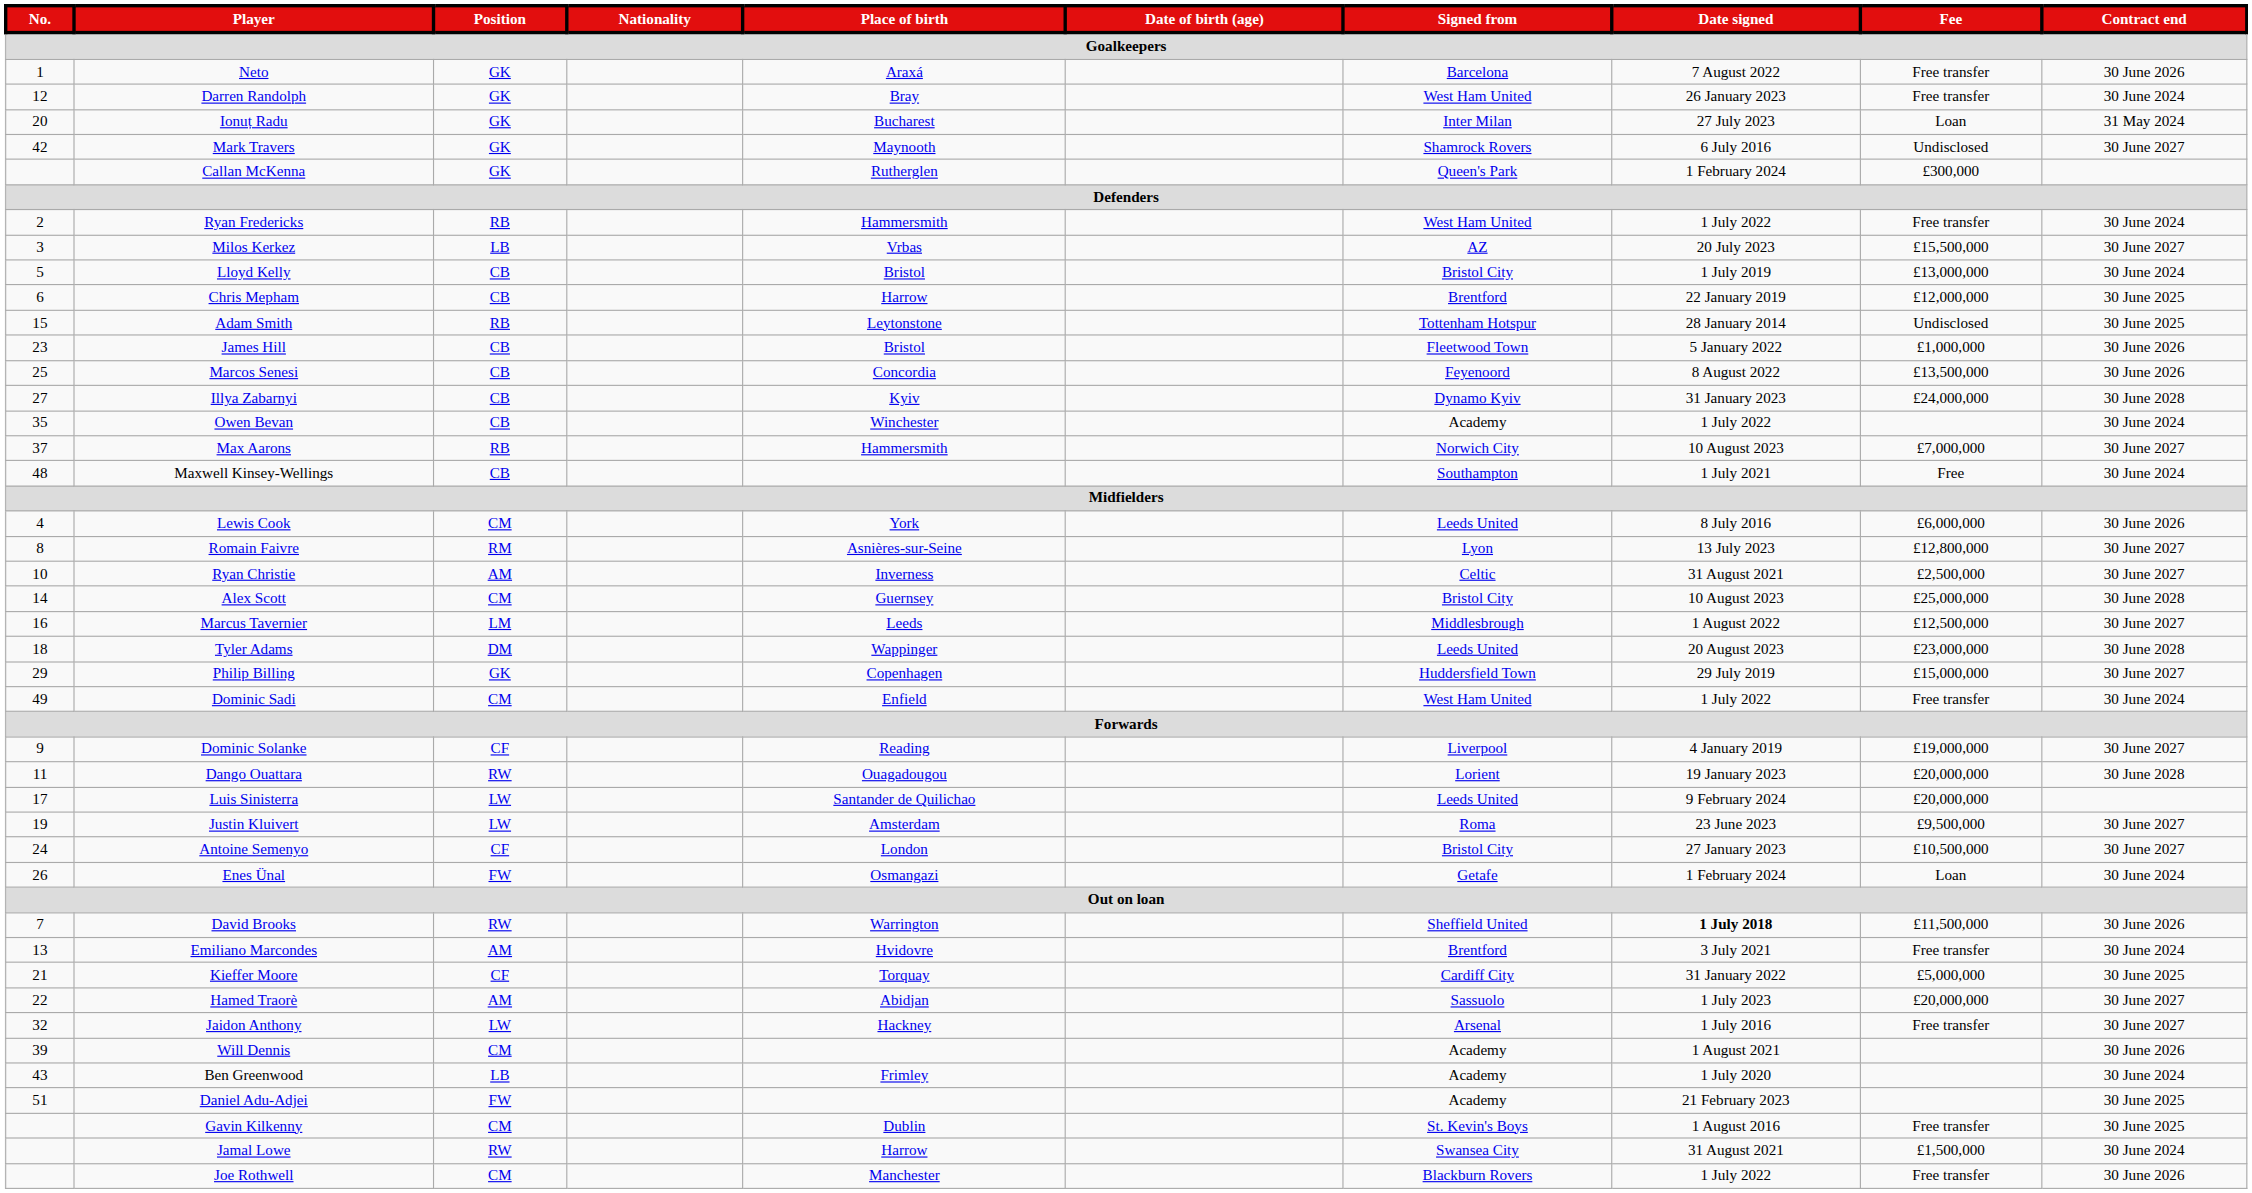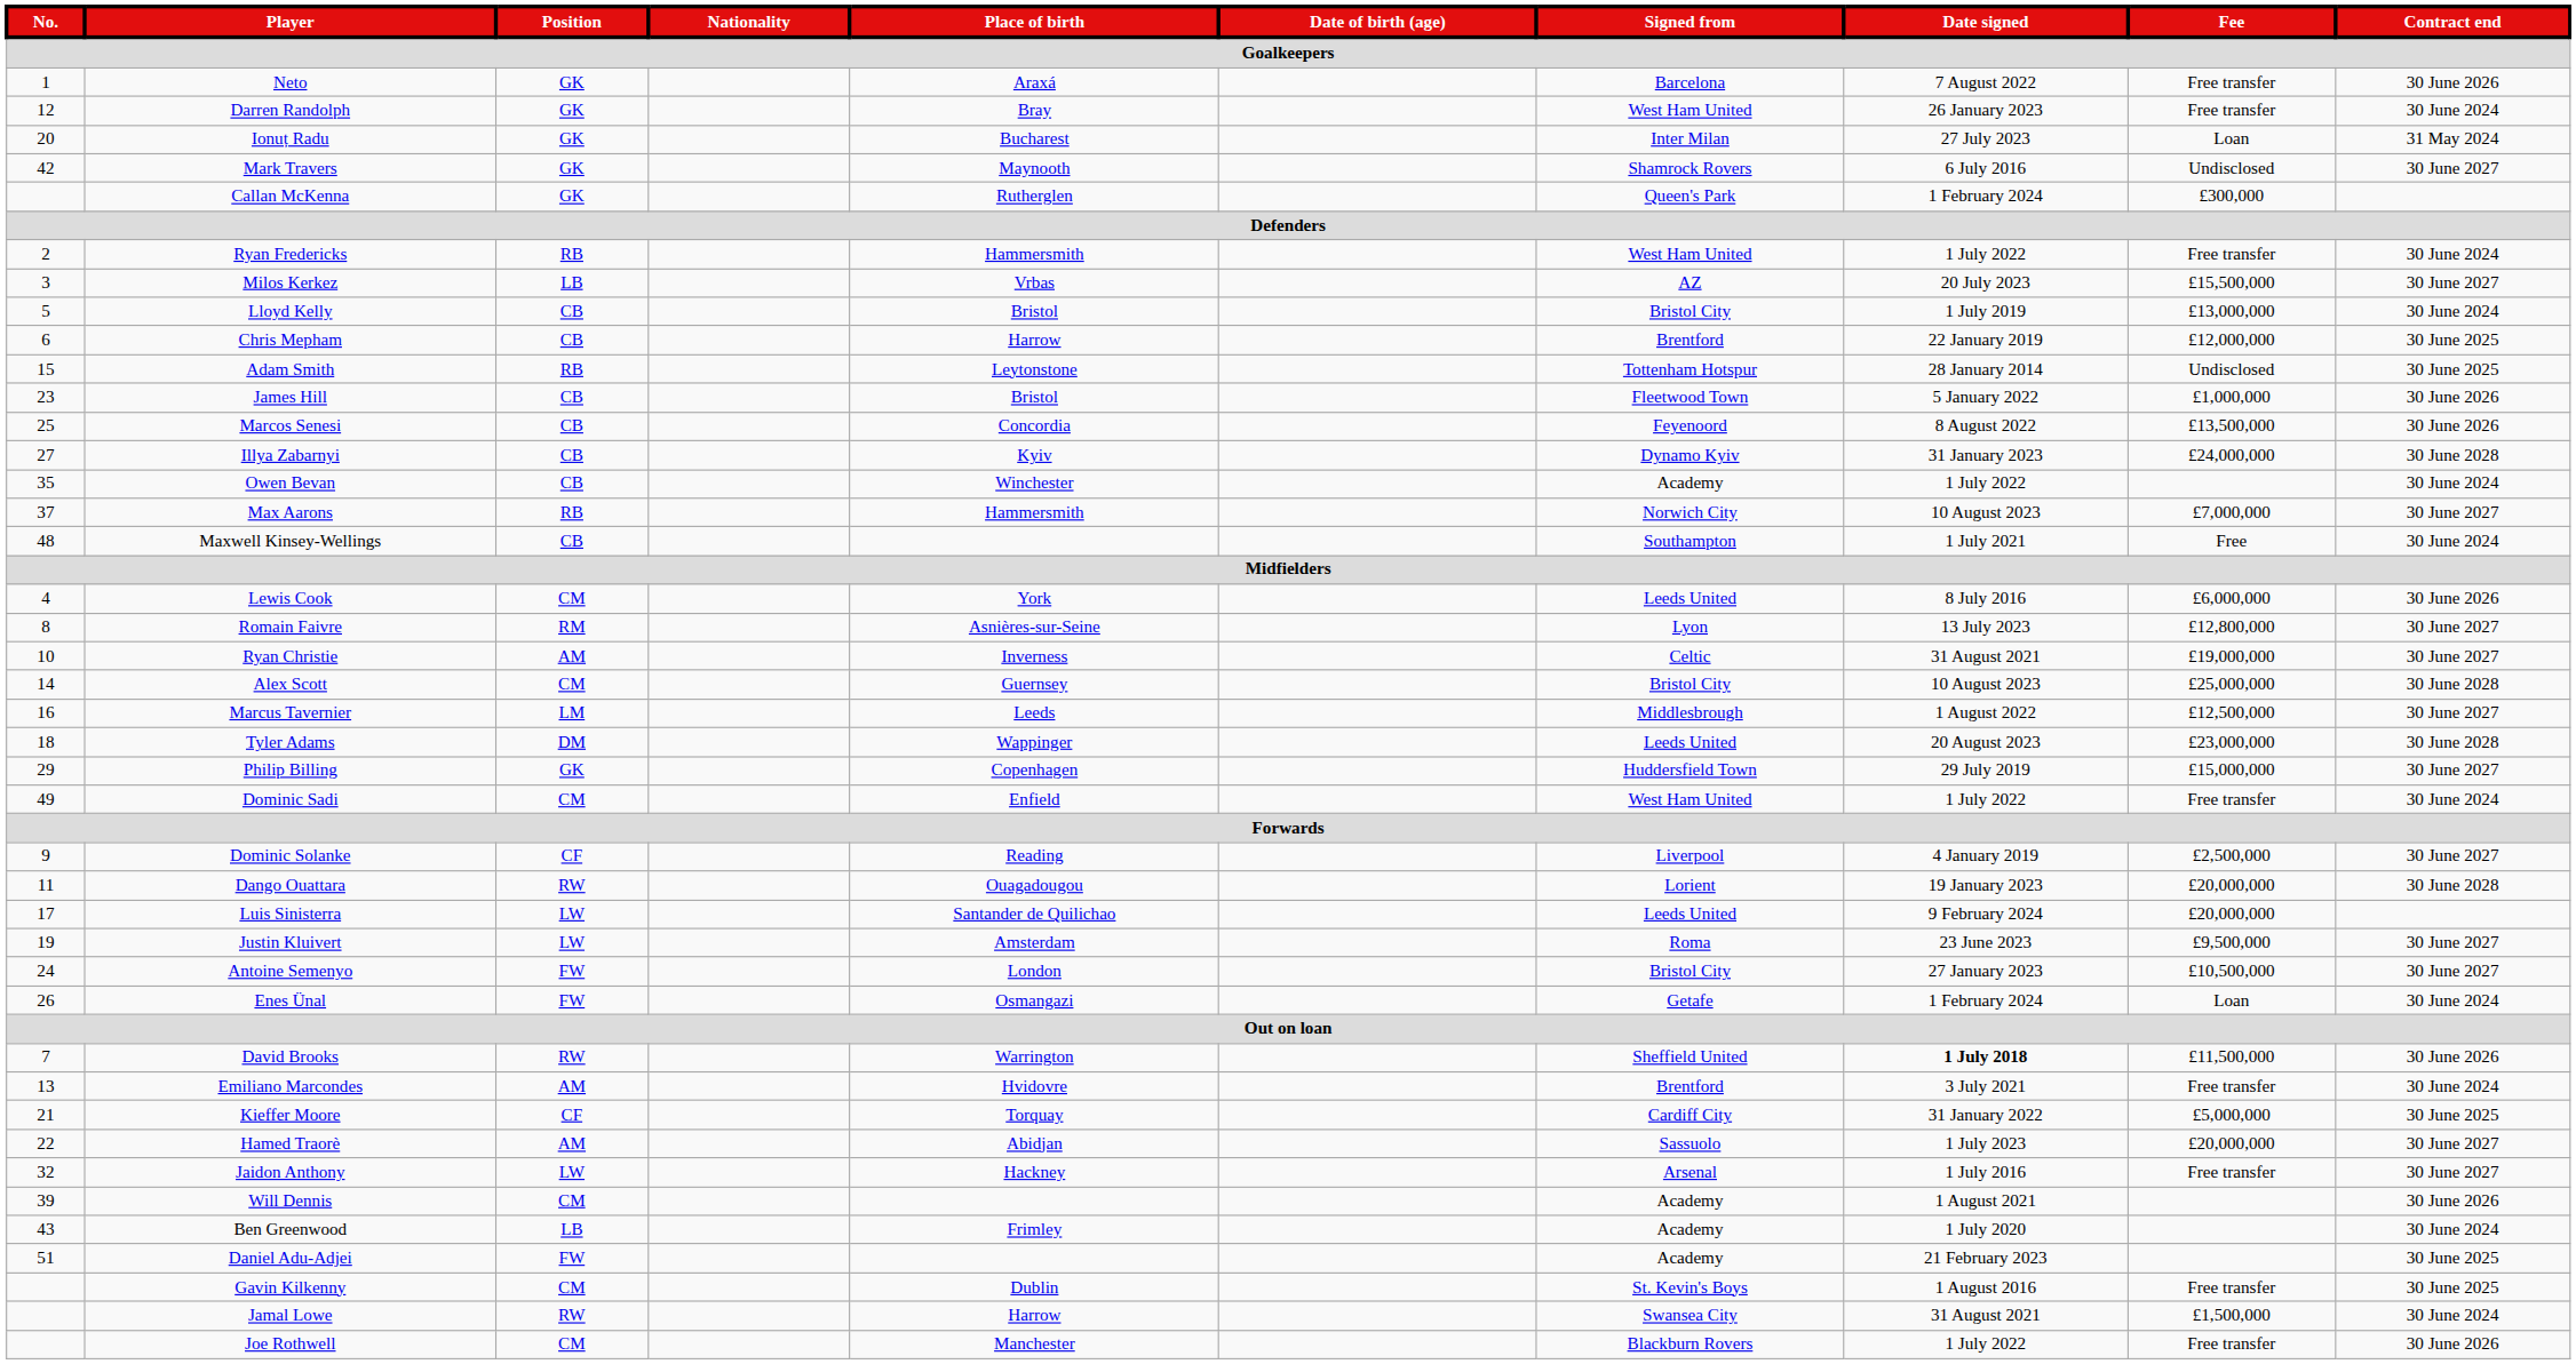 <table class="wikitable" style="text-align:center; font-size:84.5%; width:101%;">
 <tr>
 <th style="background:#e20e0e;color:#ffffff;border:3px solid #000000; text-align:center;">No.</th>
 <th style="background:#e20e0e;color:#ffffff;border:3px solid #000000; text-align:center;">Player</th>
 <th style="background:#e20e0e;color:#ffffff;border:3px solid #000000; text-align:center;">Position</th>
 <th style="background:#e20e0e;color:#ffffff;border:3px solid #000000; text-align:center;">Nationality</th>
 <th style="background:#e20e0e;color:#ffffff;border:3px solid #000000; text-align:center;">Place of birth</th>
 <th style="background:#e20e0e;color:#ffffff;border:3px solid #000000; text-align:center;">Date of birth (age)</th>
 <th style="background:#e20e0e;color:#ffffff;border:3px solid #000000; text-align:center;">Signed from</th>
 <th style="background:#e20e0e;color:#ffffff;border:3px solid #000000; text-align:center;">Date signed</th>
 <th style="background:#e20e0e;color:#ffffff;border:3px solid #000000; text-align:center;">Fee</th>
 <th style="background:#e20e0e;color:#ffffff;border:3px solid #000000; text-align:center;">Contract end</th>
 </tr>
 <tr>
 <th colspan="14" style="background:#dcdcdc; tepxt-align:center;">Goalkeepers</th>
 </tr>
 <tr>
 <td>1</td>
 <td><a href='#'>Neto</a></td>
 <td><a href='#'>GK</a></td>
 <td></td>
 <td><a href='#'>Araxá</a></td>
 <td></td>
 <td> <a href='#'>Barcelona</a></td>
 <td>7 August 2022</td>
 <td>Free transfer</td>
 <td>30 June 2026</td>
 </tr>
 <tr>
 <td>12</td>
 <td><a href='#'>Darren Randolph</a></td>
 <td><a href='#'>GK</a></td>
 <td></td>
 <td><a href='#'>Bray</a></td>
 <td></td>
 <td><a href='#'>West Ham United</a></td>
 <td>26 January 2023</td>
 <td>Free transfer</td>
 <td>30 June 2024</td>
 </tr>
 <tr>
 <td>20</td>
 <td><a href='#'>Ionuț Radu</a></td>
 <td><a href='#'>GK</a></td>
 <td></td>
 <td><a href='#'>Bucharest</a></td>
 <td></td>
 <td> <a href='#'>Inter Milan</a></td>
 <td>27 July 2023</td>
 <td>Loan</td>
 <td>31 May 2024</td>
 </tr>
 <tr>
 <td>42</td>
 <td><a href='#'>Mark Travers</a></td>
 <td><a href='#'>GK</a></td>
 <td></td>
 <td><a href='#'>Maynooth</a></td>
 <td></td>
 <td> <a href='#'>Shamrock Rovers</a></td>
 <td>6 July 2016</td>
 <td>Undisclosed</td>
 <td>30 June 2027</td>
 </tr>
 <tr>
 <td></td>
 <td><a href='#'>Callan McKenna</a></td>
 <td><a href='#'>GK</a></td>
 <td></td>
 <td><a href='#'>Rutherglen</a></td>
 <td></td>
 <td> <a href='#'>Queen's Park</a></td>
 <td>1 February 2024</td>
 <td>£300,000</td>
 <td></td>
 </tr>
 <tr>
 <th colspan="15"style="background:#dcdcdc; tepxt-align:center;">Defenders</th>
 </tr>
 <tr>
 <td>2</td>
 <td><a href='#'>Ryan Fredericks</a></td>
 <td><a href='#'>RB</a></td>
 <td></td>
 <td><a href='#'>Hammersmith</a></td>
 <td></td>
 <td><a href='#'>West Ham United</a></td>
 <td>1 July 2022</td>
 <td>Free transfer</td>
 <td>30 June 2024</td>
 </tr>
 <tr>
 <td>3</td>
 <td><a href='#'>Milos Kerkez</a></td>
 <td><a href='#'>LB</a></td>
 <td></td>
 <td> <a href='#'>Vrbas</a></td>
 <td></td>
 <td> <a href='#'>AZ</a></td>
 <td>20 July 2023</td>
 <td>£15,500,000</td>
 <td>30 June 2027</td>
 </tr>
 <tr>
 <td>5</td>
 <td><a href='#'>Lloyd Kelly</a></td>
 <td><a href='#'>CB</a></td>
 <td></td>
 <td><a href='#'>Bristol</a></td>
 <td></td>
 <td><a href='#'>Bristol City</a></td>
 <td>1 July 2019</td>
 <td>£13,000,000</td>
 <td>30 June 2024</td>
 </tr>
 <tr>
 <td>6</td>
 <td><a href='#'>Chris Mepham</a></td>
 <td><a href='#'>CB</a></td>
 <td></td>
 <td> <a href='#'>Harrow</a></td>
 <td></td>
 <td><a href='#'>Brentford</a></td>
 <td>22 January 2019</td>
 <td>£12,000,000</td>
 <td>30 June 2025</td>
 </tr>
 <tr>
 <td>15</td>
 <td><a href='#'>Adam Smith</a></td>
 <td><a href='#'>RB</a></td>
 <td></td>
 <td><a href='#'>Leytonstone</a></td>
 <td></td>
 <td><a href='#'>Tottenham Hotspur</a></td>
 <td>28 January 2014</td>
 <td>Undisclosed</td>
 <td>30 June 2025</td>
 </tr>
 <tr>
 <td>23</td>
 <td><a href='#'>James Hill</a></td>
 <td><a href='#'>CB</a></td>
 <td></td>
 <td><a href='#'>Bristol</a></td>
 <td></td>
 <td><a href='#'>Fleetwood Town</a></td>
 <td>5 January 2022</td>
 <td>£1,000,000</td>
 <td>30 June 2026</td>
 </tr>
 <tr>
 <td>25</td>
 <td><a href='#'>Marcos Senesi</a></td>
 <td><a href='#'>CB</a></td>
 <td></td>
 <td><a href='#'>Concordia</a></td>
 <td></td>
 <td> <a href='#'>Feyenoord</a></td>
 <td>8 August 2022</td>
 <td>£13,500,000</td>
 <td>30 June 2026</td>
 </tr>
 <tr>
 <td>27</td>
 <td><a href='#'>Illya Zabarnyi</a></td>
 <td><a href='#'>CB</a></td>
 <td></td>
 <td><a href='#'>Kyiv</a></td>
 <td></td>
 <td> <a href='#'>Dynamo Kyiv</a></td>
 <td>31 January 2023</td>
 <td>£24,000,000</td>
 <td>30 June 2028</td>
 </tr>
 <tr>
 <td>35</td>
 <td><a href='#'>Owen Bevan</a></td>
 <td><a href='#'>CB</a></td>
 <td></td>
 <td> <a href='#'>Winchester</a></td>
 <td></td>
 <td>Academy</td>
 <td>1 July 2022</td>
 <td></td>
 <td>30 June 2024</td>
 </tr>
 <tr>
 <td>37</td>
 <td><a href='#'>Max Aarons</a></td>
 <td><a href='#'>RB</a></td>
 <td></td>
 <td><a href='#'>Hammersmith</a></td>
 <td></td>
 <td><a href='#'>Norwich City</a></td>
 <td>10 August 2023</td>
 <td>£7,000,000</td>
 <td>30 June 2027</td>
 </tr>
 <tr>
 <td>48</td>
 <td>Maxwell Kinsey-Wellings</td>
 <td><a href='#'>CB</a></td>
 <td></td>
 <td></td>
 <td></td>
 <td><a href='#'>Southampton</a></td>
 <td>1 July 2021</td>
 <td>Free</td>
 <td>30 June 2024</td>
 </tr>
 <tr>
 <th colspan="14" style="background:#dcdcdc; tepxt-align:center;">Midfielders</th>
 </tr>
 <tr>
 <td>4</td>
 <td><a href='#'>Lewis Cook</a></td>
 <td><a href='#'>CM</a></td>
 <td></td>
 <td><a href='#'>York</a></td>
 <td></td>
 <td><a href='#'>Leeds United</a></td>
 <td>8 July 2016</td>
 <td>£6,000,000</td>
 <td>30 June 2026</td>
 </tr>
 <tr>
 <td>8</td>
 <td><a href='#'>Romain Faivre</a></td>
 <td><a href='#'>RM</a></td>
 <td></td>
 <td><a href='#'>Asnières-sur-Seine</a></td>
 <td></td>
 <td> <a href='#'>Lyon</a></td>
 <td>13 July 2023</td>
 <td>£12,800,000</td>
 <td>30 June 2027</td>
 </tr>
 <tr>
 <td>10</td>
 <td><a href='#'>Ryan Christie</a></td>
 <td><a href='#'>AM</a></td>
 <td></td>
 <td><a href='#'>Inverness</a></td>
 <td></td>
 <td> <a href='#'>Celtic</a></td>
 <td>31 August 2021</td>
-<td>£2,500,000</td>
+<td>£19,000,000</td>
 <td>30 June 2027</td>
 </tr>
 <tr>
 <td>14</td>
 <td><a href='#'>Alex Scott</a></td>
 <td><a href='#'>CM</a></td>
 <td></td>
 <td> <a href='#'>Guernsey</a></td>
 <td></td>
 <td><a href='#'>Bristol City</a></td>
 <td>10 August 2023</td>
 <td>£25,000,000</td>
 <td>30 June 2028</td>
 </tr>
 <tr>
 <td>16</td>
 <td><a href='#'>Marcus Tavernier</a></td>
 <td><a href='#'>LM</a></td>
 <td></td>
 <td><a href='#'>Leeds</a></td>
 <td></td>
 <td><a href='#'>Middlesbrough</a></td>
 <td>1 August 2022</td>
 <td>£12,500,000</td>
 <td>30 June 2027</td>
 </tr>
 <tr>
 <td>18</td>
 <td><a href='#'>Tyler Adams</a></td>
 <td><a href='#'>DM</a></td>
 <td></td>
 <td><a href='#'>Wappinger</a></td>
 <td></td>
 <td><a href='#'>Leeds United</a></td>
 <td>20 August 2023</td>
 <td>£23,000,000</td>
 <td>30 June 2028</td>
 </tr>
 <tr>
 <td>29</td>
 <td><a href='#'>Philip Billing</a></td>
 <td><a href='#'>GK</a></td>
 <td></td>
 <td><a href='#'>Copenhagen</a></td>
 <td></td>
 <td><a href='#'>Huddersfield Town</a></td>
 <td>29 July 2019</td>
 <td>£15,000,000</td>
 <td>30 June 2027</td>
 </tr>
 <tr>
 <td>49</td>
 <td><a href='#'>Dominic Sadi</a></td>
 <td><a href='#'>CM</a></td>
 <td></td>
 <td><a href='#'>Enfield</a></td>
 <td></td>
 <td><a href='#'>West Ham United</a></td>
 <td>1 July 2022</td>
 <td>Free transfer</td>
 <td>30 June 2024</td>
 </tr>
 <tr>
 <th colspan="14" style="background:#dcdcdc; tepxt-align:center;">Forwards</th>
 </tr>
 <tr>
 <td>9</td>
 <td><a href='#'>Dominic Solanke</a></td>
 <td><a href='#'>CF</a></td>
 <td></td>
 <td><a href='#'>Reading</a></td>
 <td></td>
 <td><a href='#'>Liverpool</a></td>
 <td>4 January 2019</td>
-<td>£19,000,000</td>
+<td>£2,500,000</td>
 <td>30 June 2027</td>
 </tr>
 <tr>
 <td>11</td>
 <td><a href='#'>Dango Ouattara</a></td>
 <td><a href='#'>RW</a></td>
 <td></td>
 <td><a href='#'>Ouagadougou</a></td>
 <td></td>
 <td> <a href='#'>Lorient</a></td>
 <td>19 January 2023</td>
 <td>£20,000,000</td>
 <td>30 June 2028</td>
 </tr>
 <tr>
 <td>17</td>
 <td><a href='#'>Luis Sinisterra</a></td>
 <td><a href='#'>LW</a></td>
 <td></td>
 <td><a href='#'>Santander de Quilichao</a></td>
 <td></td>
 <td><a href='#'>Leeds United</a></td>
 <td>9 February 2024</td>
 <td>£20,000,000</td>
 <td></td>
 </tr>
 <tr>
 <td>19</td>
 <td><a href='#'>Justin Kluivert</a></td>
 <td><a href='#'>LW</a></td>
 <td></td>
 <td><a href='#'>Amsterdam</a></td>
 <td></td>
 <td> <a href='#'>Roma</a></td>
 <td>23 June 2023</td>
 <td>£9,500,000</td>
 <td>30 June 2027</td>
 </tr>
 <tr>
 <td>24</td>
 <td><a href='#'>Antoine Semenyo</a></td>
-<td><a href='#'>CF</a></td>
+<td><a href='#'>FW</a></td>
 <td></td>
 <td> <a href='#'>London</a></td>
 <td></td>
 <td><a href='#'>Bristol City</a></td>
 <td>27 January 2023</td>
 <td>£10,500,000</td>
 <td>30 June 2027</td>
 </tr>
 <tr>
 <td>26</td>
 <td><a href='#'>Enes Ünal</a></td>
 <td><a href='#'>FW</a></td>
 <td></td>
 <td><a href='#'>Osmangazi</a></td>
 <td></td>
 <td> <a href='#'>Getafe</a></td>
 <td>1 February 2024</td>
 <td>Loan</td>
 <td>30 June 2024</td>
 </tr>
 <tr>
 <th colspan="14" style="background:#dcdcdc; tepxt-align:center;">Out on loan</th>
 </tr>
 <tr>
 <td>7</td>
 <td><a href='#'>David Brooks</a></td>
 <td><a href='#'>RW</a></td>
 <td></td>
 <td> <a href='#'>Warrington</a></td>
 <td></td>
 <td><a href='#'>Sheffield United</a></td>
 <td><strong>1 July 2018</strong></td>
 <td>£11,500,000</td>
 <td>30 June 2026</td>
 </tr>
 <tr>
 <td>13</td>
 <td><a href='#'>Emiliano Marcondes</a></td>
 <td><a href='#'>AM</a></td>
 <td></td>
 <td><a href='#'>Hvidovre</a></td>
 <td></td>
 <td><a href='#'>Brentford</a></td>
 <td>3 July 2021</td>
 <td>Free transfer</td>
 <td>30 June 2024</td>
 </tr>
 <tr>
 <td>21</td>
 <td><a href='#'>Kieffer Moore</a></td>
 <td><a href='#'>CF</a></td>
 <td></td>
 <td> <a href='#'>Torquay</a></td>
 <td></td>
 <td> <a href='#'>Cardiff City</a></td>
 <td>31 January 2022</td>
 <td>£5,000,000</td>
 <td>30 June 2025</td>
 </tr>
 <tr>
 <td>22</td>
 <td><a href='#'>Hamed Traorè</a></td>
 <td><a href='#'>AM</a></td>
 <td></td>
 <td><a href='#'>Abidjan</a></td>
 <td></td>
 <td> <a href='#'>Sassuolo</a></td>
 <td>1 July 2023</td>
 <td>£20,000,000</td>
 <td>30 June 2027</td>
 </tr>
 <tr>
 <td>32</td>
 <td><a href='#'>Jaidon Anthony</a></td>
 <td><a href='#'>LW</a></td>
 <td></td>
 <td><a href='#'>Hackney</a></td>
 <td></td>
 <td><a href='#'>Arsenal</a></td>
 <td>1 July 2016</td>
 <td>Free transfer</td>
 <td>30 June 2027</td>
 </tr>
 <tr>
 <td>39</td>
 <td><a href='#'>Will Dennis</a></td>
 <td><a href='#'>CM</a></td>
 <td></td>
 <td></td>
 <td></td>
 <td>Academy</td>
 <td>1 August 2021</td>
 <td></td>
 <td>30 June 2026</td>
 </tr>
 <tr>
 <td>43</td>
 <td>Ben Greenwood</td>
 <td><a href='#'>LB</a></td>
 <td></td>
 <td> <a href='#'>Frimley</a></td>
 <td></td>
 <td>Academy</td>
 <td>1 July 2020</td>
 <td></td>
 <td>30 June 2024</td>
 </tr>
 <tr>
 <td>51</td>
 <td><a href='#'>Daniel Adu-Adjei</a></td>
 <td><a href='#'>FW</a></td>
 <td></td>
 <td></td>
 <td></td>
 <td>Academy</td>
 <td>21 February 2023</td>
 <td></td>
 <td>30 June 2025</td>
 </tr>
 <tr>
 <td></td>
 <td><a href='#'>Gavin Kilkenny</a></td>
 <td><a href='#'>CM</a></td>
 <td></td>
 <td><a href='#'>Dublin</a></td>
 <td></td>
 <td> <a href='#'>St. Kevin's Boys</a></td>
 <td>1 August 2016</td>
 <td>Free transfer</td>
 <td>30 June 2025</td>
 </tr>
 <tr>
 <td></td>
 <td><a href='#'>Jamal Lowe</a></td>
 <td><a href='#'>RW</a></td>
 <td></td>
 <td> <a href='#'>Harrow</a></td>
 <td></td>
 <td> <a href='#'>Swansea City</a></td>
 <td>31 August 2021</td>
 <td>£1,500,000</td>
 <td>30 June 2024</td>
 </tr>
 <tr>
 <td></td>
 <td><a href='#'>Joe Rothwell</a></td>
 <td><a href='#'>CM</a></td>
 <td></td>
 <td><a href='#'>Manchester</a></td>
 <td></td>
 <td><a href='#'>Blackburn Rovers</a></td>
 <td>1 July 2022</td>
 <td>Free transfer</td>
 <td>30 June 2026</td>
 </tr>
 </table>
